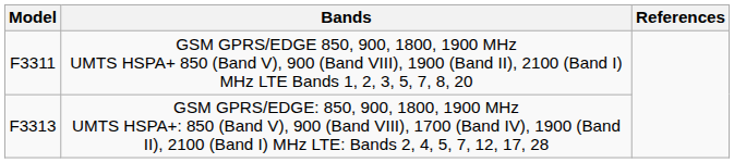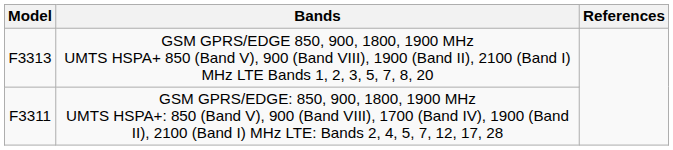 <table class="wikitable sortable" style="width:700px">
 <tr>
 <th style="width:10px;">Model</th>
 <th>Bands</th>
 <th>References</th>
 </tr>
 <tr>
-<td style="text-align:center;">F3311</td>
+<td style="text-align:center;">F3313</td>
 <td style="text-align:center;">GSM GPRS/EDGE 850, 900, 1800, 1900 MHz<br>UMTS HSPA+ 850 (Band V), 900 (Band VIII), 1900 (Band II), 2100 (Band I) MHz LTE Bands 1, 2, 3, 5, 7, 8, 20</td>
 <td rowspan="2" style="text-align:center;"></td>
 </tr>
 <tr>
-<td style="text-align:center;">F3313</td>
+<td style="text-align:center;">F3311</td>
 <td style="text-align:center;">GSM GPRS/EDGE: 850, 900, 1800, 1900 MHz<br>UMTS HSPA+: 850 (Band V), 900 (Band VIII), 1700 (Band IV), 1900 (Band II), 2100 (Band I) MHz LTE: Bands 2, 4, 5, 7, 12, 17, 28</td>
 </tr>
 </table>
